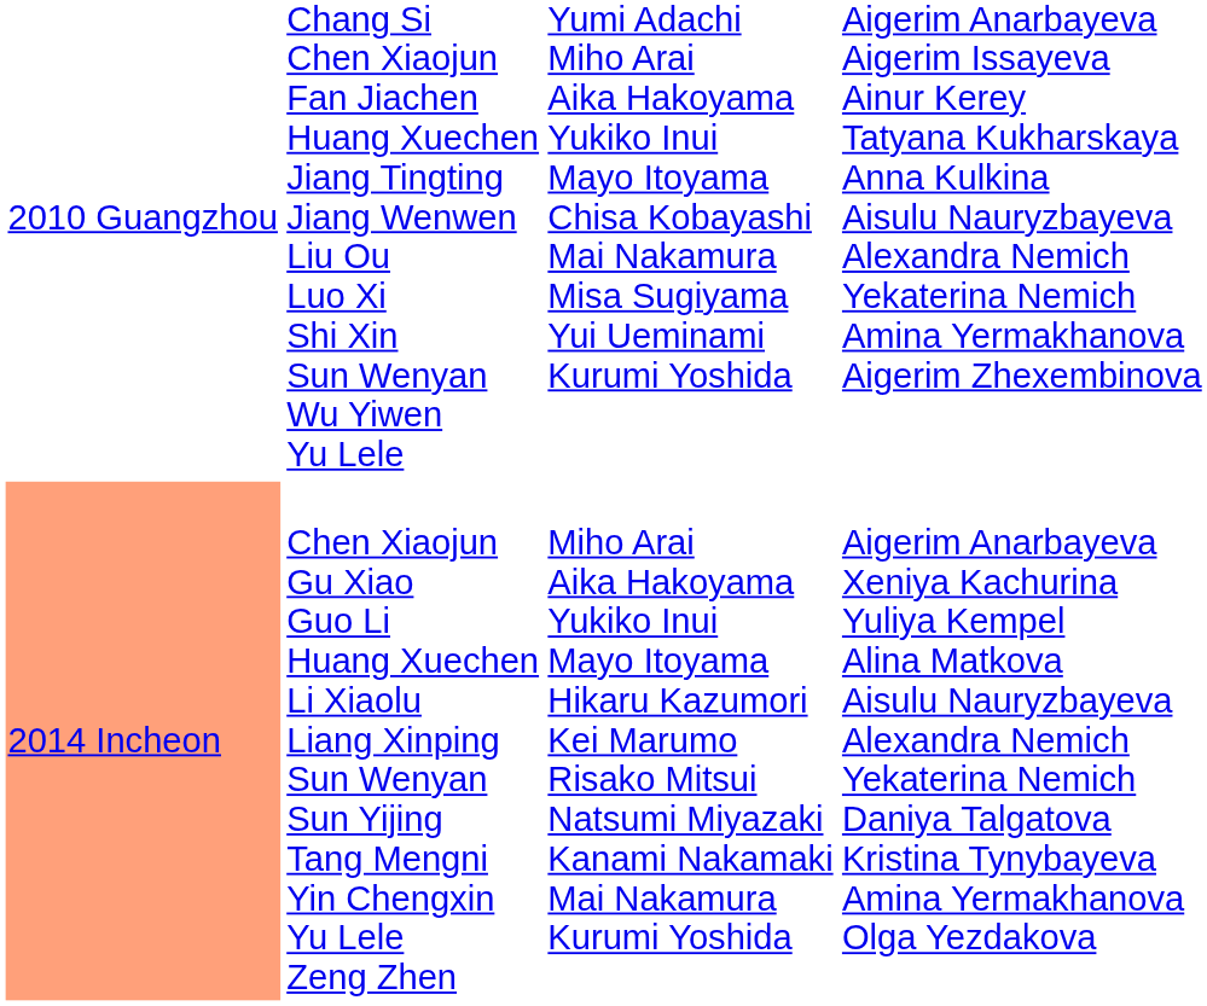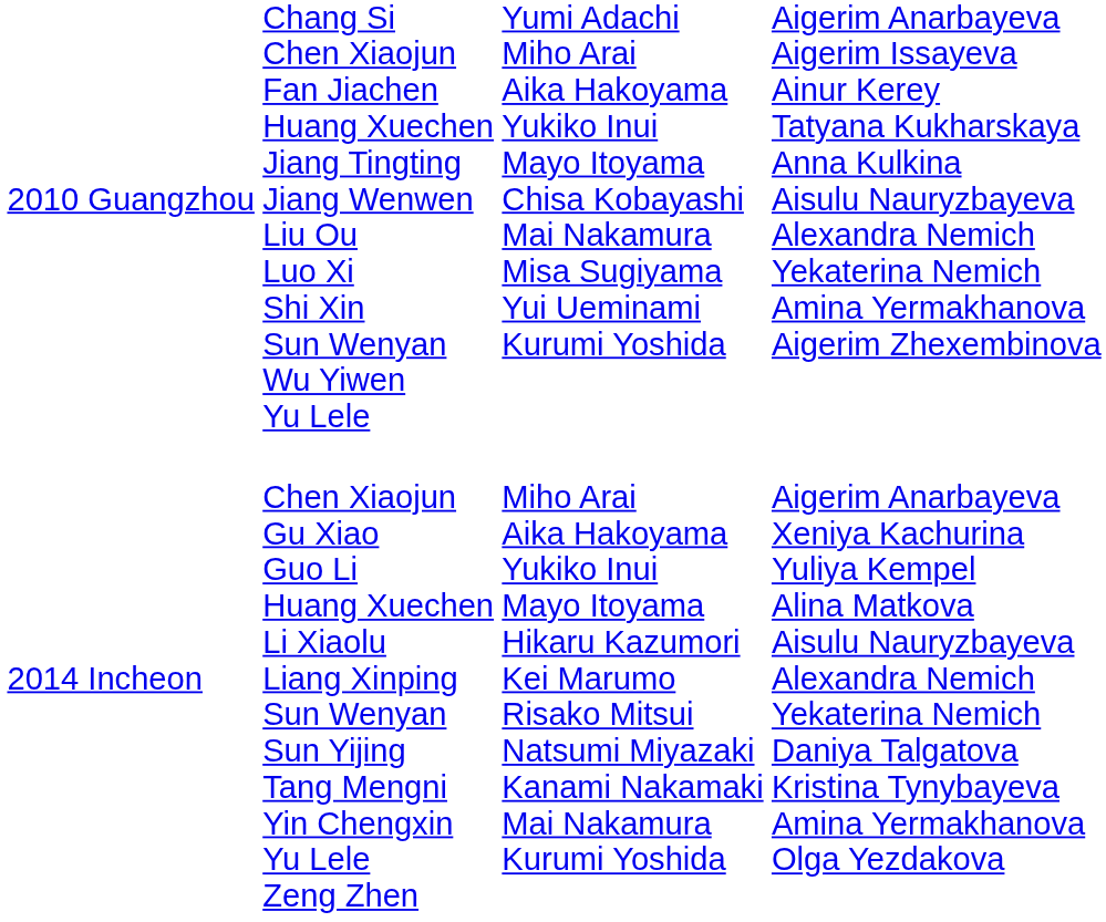 <table>
 <tr>
 <td><a href='#'>2010 Guangzhou</a></td>
 <td><br><a href='#'>Chang Si</a><br><a href='#'>Chen Xiaojun</a><br><a href='#'>Fan Jiachen</a><br><a href='#'>Huang Xuechen</a><br><a href='#'>Jiang Tingting</a><br><a href='#'>Jiang Wenwen</a><br><a href='#'>Liu Ou</a><br><a href='#'>Luo Xi</a><br><a href='#'>Shi Xin</a><br><a href='#'>Sun Wenyan</a><br><a href='#'>Wu Yiwen</a><br><a href='#'>Yu Lele</a></td>
 <td valign=top><br><a href='#'>Yumi Adachi</a><br><a href='#'>Miho Arai</a><br><a href='#'>Aika Hakoyama</a><br><a href='#'>Yukiko Inui</a><br><a href='#'>Mayo Itoyama</a><br><a href='#'>Chisa Kobayashi</a><br><a href='#'>Mai Nakamura</a><br><a href='#'>Misa Sugiyama</a><br><a href='#'>Yui Ueminami</a><br><a href='#'>Kurumi Yoshida</a></td>
 <td valign=top><br><a href='#'>Aigerim Anarbayeva</a><br><a href='#'>Aigerim Issayeva</a><br><a href='#'>Ainur Kerey</a><br><a href='#'>Tatyana Kukharskaya</a><br><a href='#'>Anna Kulkina</a><br><a href='#'>Aisulu Nauryzbayeva</a><br><a href='#'>Alexandra Nemich</a><br><a href='#'>Yekaterina Nemich</a><br><a href='#'>Amina Yermakhanova</a><br><a href='#'>Aigerim Zhexembinova</a></td>
 </tr>
 <tr>
-<td style="background: lightsalmon;"><a href='#'>2014 Incheon</a></td>
+<td><a href='#'>2014 Incheon</a></td>
 <td><br><a href='#'>Chen Xiaojun</a><br><a href='#'>Gu Xiao</a><br><a href='#'>Guo Li</a><br><a href='#'>Huang Xuechen</a><br><a href='#'>Li Xiaolu</a><br><a href='#'>Liang Xinping</a><br><a href='#'>Sun Wenyan</a><br><a href='#'>Sun Yijing</a><br><a href='#'>Tang Mengni</a><br><a href='#'>Yin Chengxin</a><br><a href='#'>Yu Lele</a><br><a href='#'>Zeng Zhen</a></td>
 <td valign=top><br><a href='#'>Miho Arai</a><br><a href='#'>Aika Hakoyama</a><br><a href='#'>Yukiko Inui</a><br><a href='#'>Mayo Itoyama</a><br><a href='#'>Hikaru Kazumori</a><br><a href='#'>Kei Marumo</a><br><a href='#'>Risako Mitsui</a><br><a href='#'>Natsumi Miyazaki</a><br><a href='#'>Kanami Nakamaki</a><br><a href='#'>Mai Nakamura</a><br><a href='#'>Kurumi Yoshida</a></td>
 <td valign=top><br><a href='#'>Aigerim Anarbayeva</a><br><a href='#'>Xeniya Kachurina</a><br><a href='#'>Yuliya Kempel</a><br><a href='#'>Alina Matkova</a><br><a href='#'>Aisulu Nauryzbayeva</a><br><a href='#'>Alexandra Nemich</a><br><a href='#'>Yekaterina Nemich</a><br><a href='#'>Daniya Talgatova</a><br><a href='#'>Kristina Tynybayeva</a><br><a href='#'>Amina Yermakhanova</a><br><a href='#'>Olga Yezdakova</a></td>
 </tr>
 </table>
